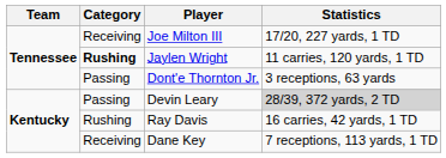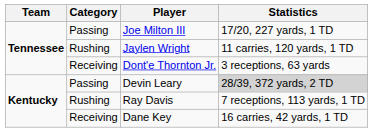 <table class="wikitable" style="float: right;">
 <tr>
 <th>Team</th>
 <th>Category</th>
 <th>Player</th>
 <th>Statistics</th>
 </tr>
 <tr>
 <td rowspan=3><strong>Tennessee</strong></td>
-<td>Receiving</td>
+<td>Passing</td>
 <td><a href='#'>Joe Milton III</a></td>
 <td>17/20, 227 yards, 1 TD</td>
 </tr>
 <tr>
-<td><strong>Rushing</strong></td>
+<td>Rushing</td>
 <td><a href='#'>Jaylen Wright</a></td>
 <td>11 carries, 120 yards, 1 TD</td>
 </tr>
 <tr>
-<td>Passing</td>
+<td>Receiving</td>
 <td><a href='#'>Dont'e Thornton Jr.</a></td>
 <td>3 receptions, 63 yards</td>
 </tr>
 <tr>
 <td rowspan=3><strong>Kentucky</strong></td>
 <td>Passing</td>
 <td>Devin Leary</td>
 <td style="background: lightgrey;">28/39, 372 yards, 2 TD</td>
 </tr>
 <tr>
 <td>Rushing</td>
 <td>Ray Davis</td>
-<td>16 carries, 42 yards, 1 TD</td>
+<td>7 receptions, 113 yards, 1 TD</td>
 </tr>
 <tr>
 <td>Receiving</td>
 <td>Dane Key</td>
-<td>7 receptions, 113 yards, 1 TD</td>
+<td>16 carries, 42 yards, 1 TD</td>
 </tr>
 </table>
